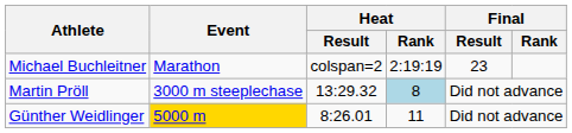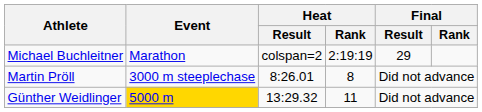 <table class="wikitable" style="font-size:90%;">
 <tr>
 <th rowspan="2">Athlete</th>
 <th rowspan="2">Event</th>
 <th colspan="2">Heat</th>
 <th colspan="2">Final</th>
 </tr>
 <tr style="font-size:95%">
 <th>Result</th>
 <th>Rank</th>
 <th>Result</th>
 <th>Rank</th>
 </tr>
 <tr align=center>
 <td align=left><a href='#'>Michael Buchleitner</a></td>
 <td align=left><a href='#'>Marathon</a></td>
 <td>colspan=2 </td>
 <td>2:19:19</td>
-<td>23</td>
+<td>29</td>
 </tr>
 <tr align=center>
 <td align=left><a href='#'>Martin Pröll</a></td>
 <td align=left><a href='#'>3000 m steeplechase</a></td>
-<td>13:29.32</td>
-<td style="background: lightblue;">8</td>
+<td>8:26.01</td>
+<td>8</td>
 <td colspan=2>Did not advance</td>
 </tr>
 <tr align=center>
 <td align=left><a href='#'>Günther Weidlinger</a></td>
 <td align=left style="background: gold;"><a href='#'>5000 m</a></td>
-<td>8:26.01</td>
+<td>13:29.32</td>
 <td>11</td>
 <td colspan=2>Did not advance</td>
 </tr>
 </table>
